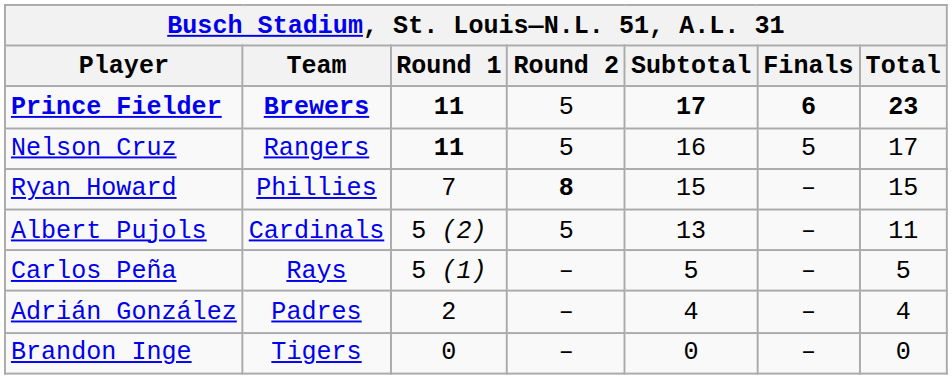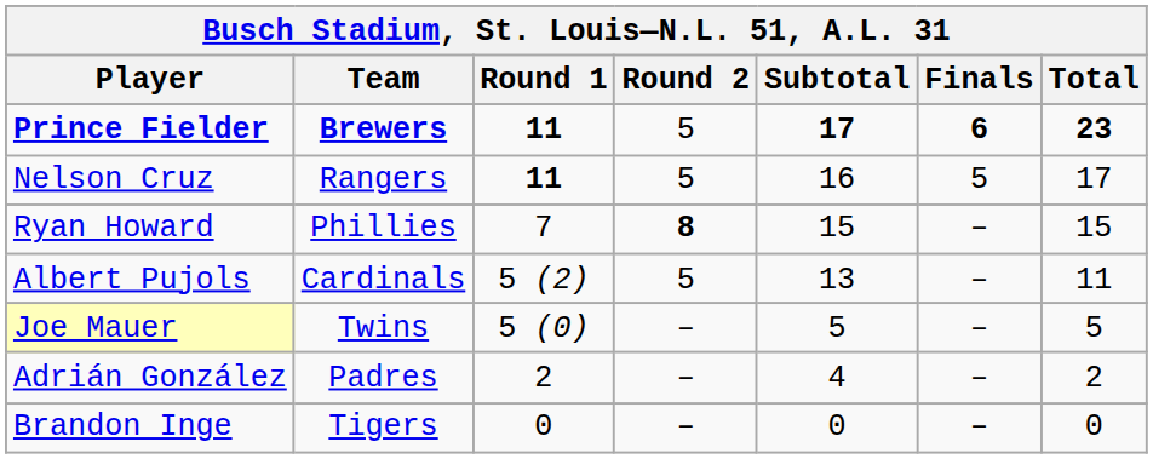 <table class="wikitable" style="text-align:center;">
 <tr>
 <th colspan="7"><a href='#'>Busch Stadium</a>, St. Louis—N.L. 51, A.L. 31</th>
 </tr>
 <tr>
 <th>Player</th>
 <th>Team</th>
 <th>Round 1</th>
 <th>Round 2</th>
 <th>Subtotal</th>
 <th>Finals</th>
 <th>Total</th>
 </tr>
 <tr>
 <td align="left"><strong><a href='#'>Prince Fielder</a></strong></td>
 <td><strong><a href='#'>Brewers</a></strong></td>
 <td><strong>11</strong></td>
 <td>5</td>
 <td><strong>17</strong></td>
 <td><strong>6</strong></td>
 <td><strong>23</strong></td>
 </tr>
 <tr>
 <td align="left"><a href='#'>Nelson Cruz</a></td>
 <td><a href='#'>Rangers</a></td>
 <td><strong>11</strong></td>
 <td>5</td>
 <td>16</td>
 <td>5</td>
 <td>17</td>
 </tr>
 <tr>
 <td align="left"><a href='#'>Ryan Howard</a></td>
 <td><a href='#'>Phillies</a></td>
 <td>7</td>
 <td><strong>8</strong></td>
 <td>15</td>
 <td>–</td>
 <td>15</td>
 </tr>
 <tr>
 <td align="left"><a href='#'>Albert Pujols</a></td>
 <td><a href='#'>Cardinals</a></td>
 <td>5 <em>(2)</em></td>
 <td>5</td>
 <td>13</td>
 <td>–</td>
 <td>11</td>
 </tr>
 <tr>
-<td align="left"><a href='#'>Carlos Peña</a></td>
-<td><a href='#'>Rays</a></td>
-<td>5 <em>(1)</em></td>
+<td align="left" style="background:#ffb"><a href='#'>Joe Mauer</a></td>
+<td><a href='#'>Twins</a></td>
+<td>5 <em>(0)</em></td>
 <td>–</td>
 <td>5</td>
 <td>–</td>
 <td>5</td>
 </tr>
 <tr>
 <td align="left"><a href='#'>Adrián González</a></td>
 <td><a href='#'>Padres</a></td>
 <td>2</td>
 <td>–</td>
 <td>4</td>
 <td>–</td>
-<td>4</td>
+<td>2</td>
 </tr>
 <tr>
 <td align="left"><a href='#'>Brandon Inge</a></td>
 <td><a href='#'>Tigers</a></td>
 <td>0</td>
 <td>–</td>
 <td>0</td>
 <td>–</td>
 <td>0</td>
 </tr>
 </table>
